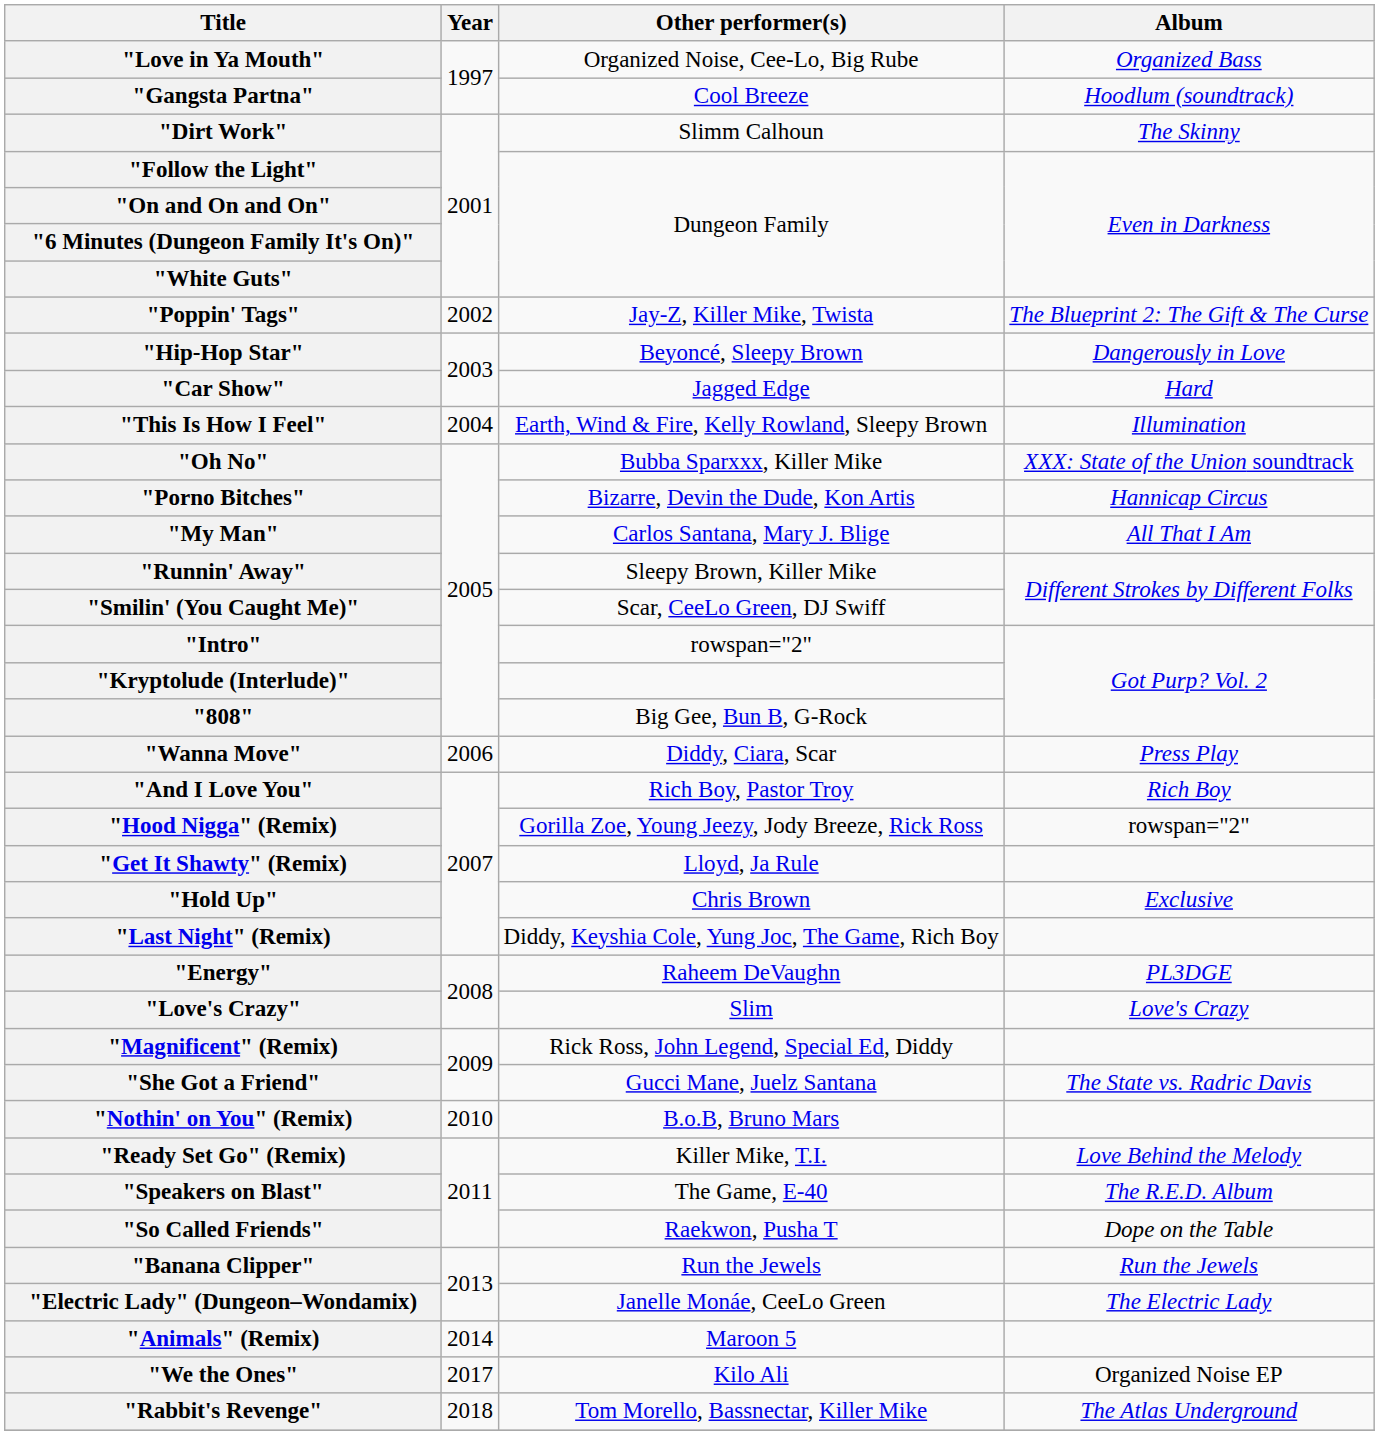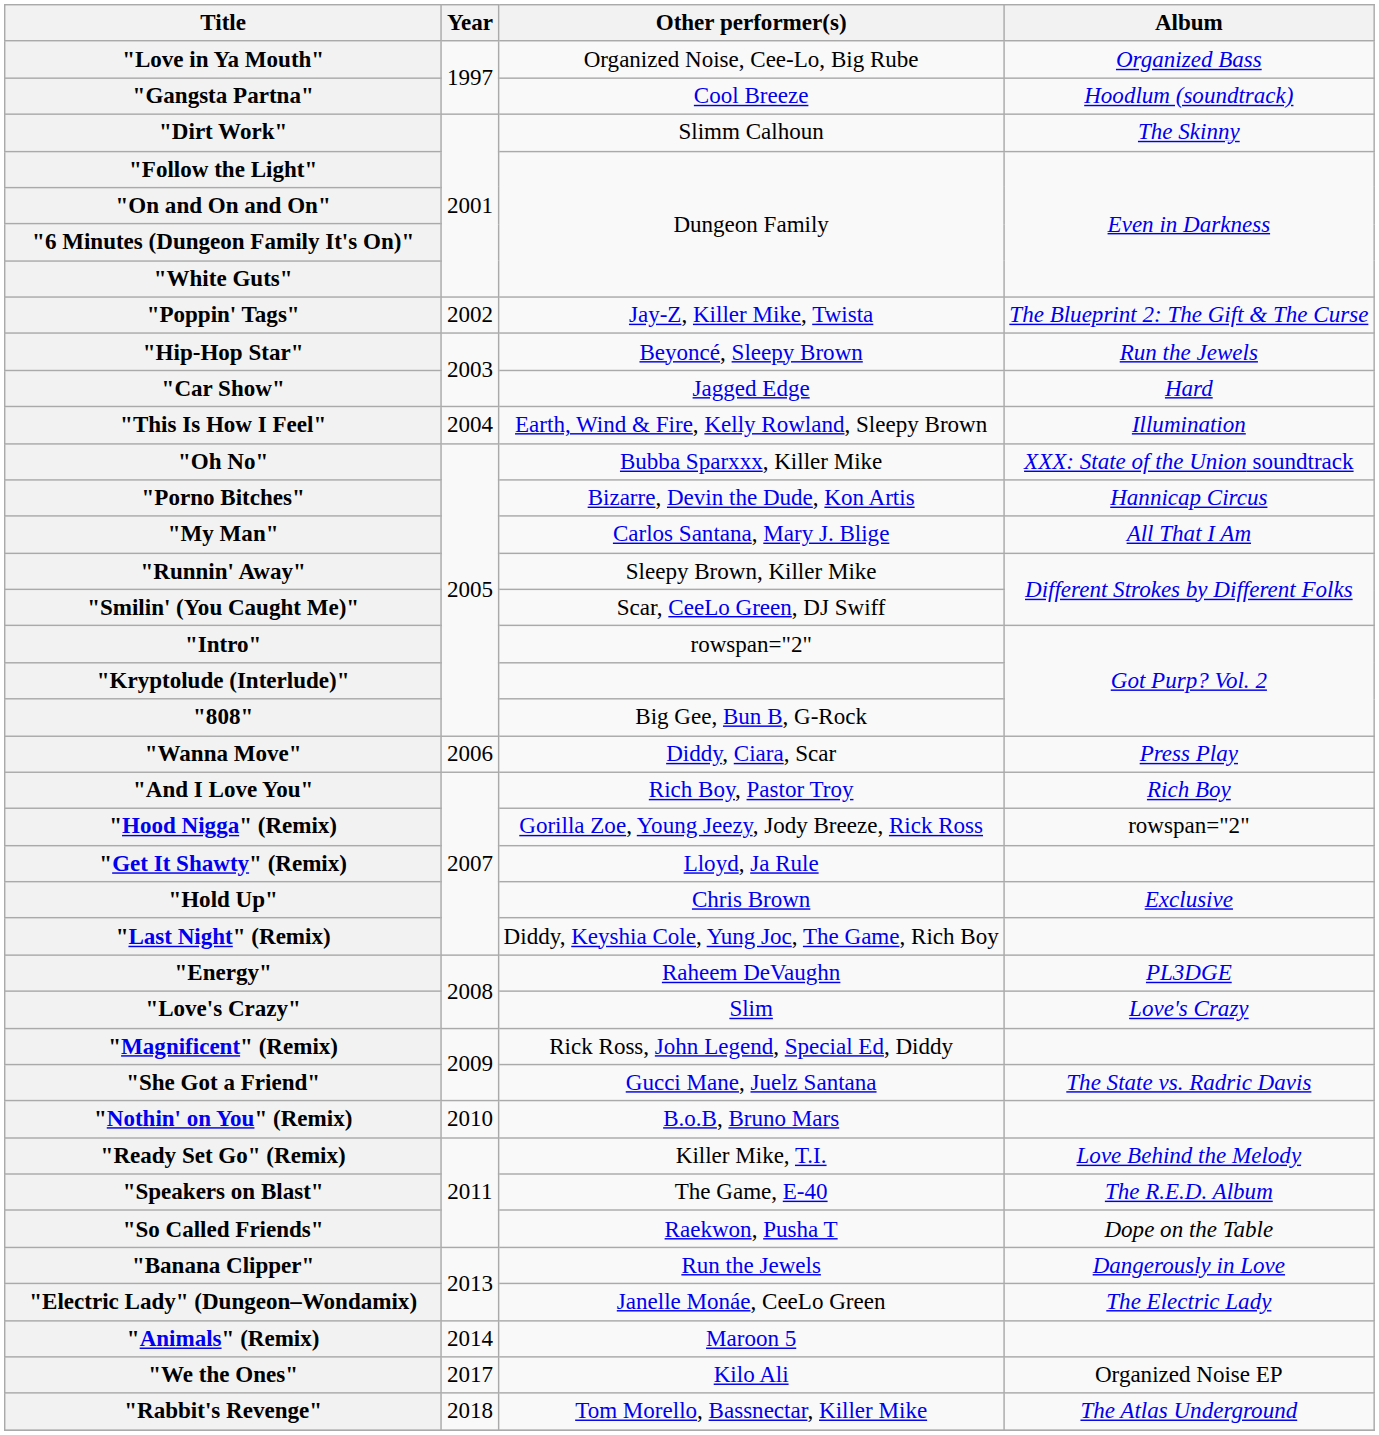 <table class="wikitable plainrowheaders" style="text-align:center;">
 <tr>
 <th scope="col" style="width:18.5em;">Title</th>
 <th scope="col">Year</th>
 <th scope="col">Other performer(s)</th>
 <th scope="col">Album</th>
 </tr>
 <tr>
 <th scope="row">"Love in Ya Mouth"</th>
 <td rowspan="2">1997</td>
 <td>Organized Noise, Cee-Lo, Big Rube</td>
 <td><em><a href='#'>Organized Bass</a></em></td>
 </tr>
 <tr>
 <th scope="row">"Gangsta Partna"</th>
 <td><a href='#'>Cool Breeze</a></td>
 <td><em><a href='#'>Hoodlum (soundtrack)</a></em></td>
 </tr>
 <tr>
 <th scope="row">"Dirt Work"</th>
 <td rowspan="5">2001</td>
 <td>Slimm Calhoun</td>
 <td><em><a href='#'>The Skinny</a></em></td>
 </tr>
 <tr>
 <th scope="row">"Follow the Light"</th>
 <td rowspan="4">Dungeon Family</td>
 <td rowspan="4"><em><a href='#'>Even in Darkness</a></em></td>
 </tr>
 <tr>
 <th scope="row">"On and On and On"</th>
 </tr>
 <tr>
 <th scope="row">"6 Minutes (Dungeon Family It's On)"</th>
 </tr>
 <tr>
 <th scope="row">"White Guts"</th>
 </tr>
 <tr>
 <th scope="row">"Poppin' Tags"</th>
 <td>2002</td>
 <td><a href='#'>Jay-Z</a>, <a href='#'>Killer Mike</a>, <a href='#'>Twista</a></td>
 <td><em><a href='#'>The Blueprint 2: The Gift & The Curse</a></em></td>
 </tr>
 <tr>
 <th scope="row">"Hip-Hop Star"</th>
 <td rowspan="2">2003</td>
 <td><a href='#'>Beyoncé</a>, <a href='#'>Sleepy Brown</a></td>
-<td><em><a href='#'>Dangerously in Love</a></em></td>
+<td><em><a href='#'>Run the Jewels</a></em></td>
 </tr>
 <tr>
 <th scope="row">"Car Show"</th>
 <td><a href='#'>Jagged Edge</a></td>
 <td><em><a href='#'>Hard</a></em></td>
 </tr>
 <tr>
 <th scope="row">"This Is How I Feel"</th>
 <td>2004</td>
 <td><a href='#'>Earth, Wind & Fire</a>, <a href='#'>Kelly Rowland</a>, Sleepy Brown</td>
 <td><em><a href='#'>Illumination</a></em></td>
 </tr>
 <tr>
 <th scope="row">"Oh No"</th>
 <td rowspan="8">2005</td>
 <td><a href='#'>Bubba Sparxxx</a>, Killer Mike</td>
 <td><a href='#'><em>XXX: State of the Union</em> soundtrack</a></td>
 </tr>
 <tr>
 <th scope="row">"Porno Bitches"</th>
 <td><a href='#'>Bizarre</a>, <a href='#'>Devin the Dude</a>, <a href='#'>Kon Artis</a></td>
 <td><em><a href='#'>Hannicap Circus</a></em></td>
 </tr>
 <tr>
 <th scope="row">"My Man"</th>
 <td><a href='#'>Carlos Santana</a>, <a href='#'>Mary J. Blige</a></td>
 <td><em><a href='#'>All That I Am</a></em></td>
 </tr>
 <tr>
 <th scope="row">"Runnin' Away"</th>
 <td>Sleepy Brown, Killer Mike</td>
 <td rowspan="2"><em><a href='#'>Different Strokes by Different Folks</a></em></td>
 </tr>
 <tr>
 <th scope="row">"Smilin' (You Caught Me)"</th>
 <td>Scar, <a href='#'>CeeLo Green</a>, DJ Swiff</td>
 </tr>
 <tr>
 <th scope="row">"Intro"</th>
 <td>rowspan="2" </td>
 <td rowspan="3"><em><a href='#'>Got Purp? Vol. 2</a></em></td>
 </tr>
 <tr>
 <th scope="row">"Kryptolude (Interlude)"</th>
 </tr>
 <tr>
 <th scope="row">"808"</th>
 <td>Big Gee, <a href='#'>Bun B</a>, G-Rock</td>
 </tr>
 <tr>
 <th scope="row">"Wanna Move"</th>
 <td>2006</td>
 <td><a href='#'>Diddy</a>, <a href='#'>Ciara</a>, Scar</td>
 <td><em><a href='#'>Press Play</a></em></td>
 </tr>
 <tr>
 <th scope="row">"And I Love You"</th>
 <td rowspan="5">2007</td>
 <td><a href='#'>Rich Boy</a>, <a href='#'>Pastor Troy</a></td>
 <td><em><a href='#'>Rich Boy</a></em></td>
 </tr>
 <tr>
 <th scope="row">"<a href='#'>Hood Nigga</a>" (Remix)</th>
 <td><a href='#'>Gorilla Zoe</a>, <a href='#'>Young Jeezy</a>, Jody Breeze, <a href='#'>Rick Ross</a></td>
 <td>rowspan="2" </td>
 </tr>
 <tr>
 <th scope="row">"<a href='#'>Get It Shawty</a>" (Remix)</th>
 <td><a href='#'>Lloyd</a>, <a href='#'>Ja Rule</a></td>
 </tr>
 <tr>
 <th scope="row">"Hold Up"</th>
 <td><a href='#'>Chris Brown</a></td>
 <td><em><a href='#'>Exclusive</a></em></td>
 </tr>
 <tr>
 <th scope="row">"<a href='#'>Last Night</a>" (Remix)</th>
 <td>Diddy, <a href='#'>Keyshia Cole</a>, <a href='#'>Yung Joc</a>, <a href='#'>The Game</a>, Rich Boy</td>
 <td></td>
 </tr>
 <tr>
 <th scope="row">"Energy"</th>
 <td rowspan="2">2008</td>
 <td><a href='#'>Raheem DeVaughn</a></td>
 <td><em><a href='#'>PL3DGE</a></em></td>
 </tr>
 <tr>
 <th scope="row">"Love's Crazy"</th>
 <td><a href='#'>Slim</a></td>
 <td><em><a href='#'>Love's Crazy</a></em></td>
 </tr>
 <tr>
 <th scope="row">"<a href='#'>Magnificent</a>" (Remix)</th>
 <td rowspan="2">2009</td>
 <td>Rick Ross, <a href='#'>John Legend</a>, <a href='#'>Special Ed</a>, Diddy</td>
 <td></td>
 </tr>
 <tr>
 <th scope="row">"She Got a Friend"</th>
 <td><a href='#'>Gucci Mane</a>, <a href='#'>Juelz Santana</a></td>
 <td><em><a href='#'>The State vs. Radric Davis</a></em></td>
 </tr>
 <tr>
 <th scope="row">"<a href='#'>Nothin' on You</a>" (Remix)</th>
 <td>2010</td>
 <td><a href='#'>B.o.B</a>, <a href='#'>Bruno Mars</a></td>
 <td></td>
 </tr>
 <tr>
 <th scope="row">"Ready Set Go" (Remix)</th>
 <td rowspan="3">2011</td>
 <td>Killer Mike, <a href='#'>T.I.</a></td>
 <td><em><a href='#'>Love Behind the Melody</a></em></td>
 </tr>
 <tr>
 <th scope="row">"Speakers on Blast"</th>
 <td>The Game, <a href='#'>E-40</a></td>
 <td><em><a href='#'>The R.E.D. Album</a></em></td>
 </tr>
 <tr>
 <th scope="row">"So Called Friends"</th>
 <td><a href='#'>Raekwon</a>, <a href='#'>Pusha T</a></td>
 <td><em>Dope on the Table</em></td>
 </tr>
 <tr>
 <th scope="row">"Banana Clipper"</th>
 <td rowspan="2">2013</td>
 <td><a href='#'>Run the Jewels</a></td>
-<td><em><a href='#'>Run the Jewels</a></em></td>
+<td><em><a href='#'>Dangerously in Love</a></em></td>
 </tr>
 <tr>
 <th scope="row">"Electric Lady" (Dungeon–Wondamix)</th>
 <td><a href='#'>Janelle Monáe</a>, CeeLo Green</td>
 <td><em><a href='#'>The Electric Lady</a></em></td>
 </tr>
 <tr>
 <th scope="row">"<a href='#'>Animals</a>" (Remix)</th>
 <td>2014</td>
 <td><a href='#'>Maroon 5</a></td>
 <td></td>
 </tr>
 <tr>
 <th>"We the Ones"</th>
 <td>2017</td>
 <td><a href='#'>Kilo Ali</a></td>
 <td>Organized Noise EP</td>
 </tr>
 <tr>
 <th scope="row">"Rabbit's Revenge"</th>
 <td>2018</td>
 <td><a href='#'>Tom Morello</a>, <a href='#'>Bassnectar</a>, <a href='#'>Killer Mike</a></td>
 <td><em><a href='#'>The Atlas Underground</a></em></td>
 </tr>
 <tr>
 </tr>
 </table>
